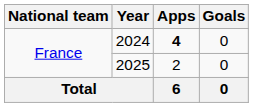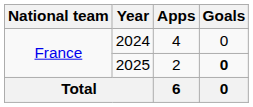 <table class=wikitable style=text-align:center>
 <tr>
 <th>National team</th>
 <th>Year</th>
 <th>Apps</th>
 <th>Goals</th>
 </tr>
 <tr>
 <td rowspan="2"><a href='#'>France</a></td>
 <td>2024</td>
-<td><strong>4</strong></td>
+<td>4</td>
 <td>0</td>
 </tr>
 <tr>
 <td>2025</td>
 <td>2</td>
-<td>0</td>
+<td><strong>0</strong></td>
 </tr>
 <tr>
 <th colspan="2">Total</th>
 <th>6</th>
 <th>0</th>
 </tr>
 </table>
